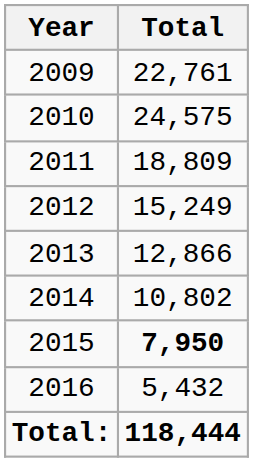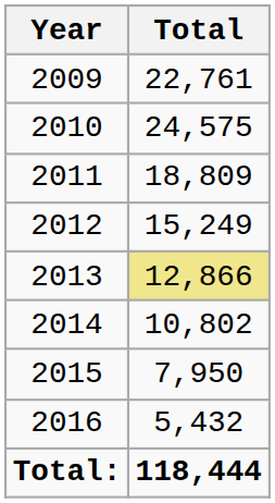 <table class="wikitable sortable" style="text-align: center;">
 <tr>
 <th>Year</th>
 <th>Total</th>
 </tr>
 <tr>
 <td>2009</td>
 <td>22,761</td>
 </tr>
 <tr>
 <td>2010</td>
 <td>24,575</td>
 </tr>
 <tr>
 <td>2011</td>
 <td>18,809</td>
 </tr>
 <tr>
 <td>2012</td>
 <td>15,249</td>
 </tr>
 <tr>
 <td>2013</td>
-<td>12,866</td>
+<td style="background: khaki;">12,866</td>
 </tr>
 <tr>
 <td>2014</td>
 <td>10,802</td>
 </tr>
 <tr>
 <td>2015</td>
-<td><strong>7,950</strong></td>
+<td>7,950</td>
 </tr>
 <tr>
 <td>2016</td>
 <td>5,432</td>
 </tr>
 <tr>
 <td><strong>Total:</strong></td>
 <td><strong>118,444</strong></td>
 </tr>
 </table>
